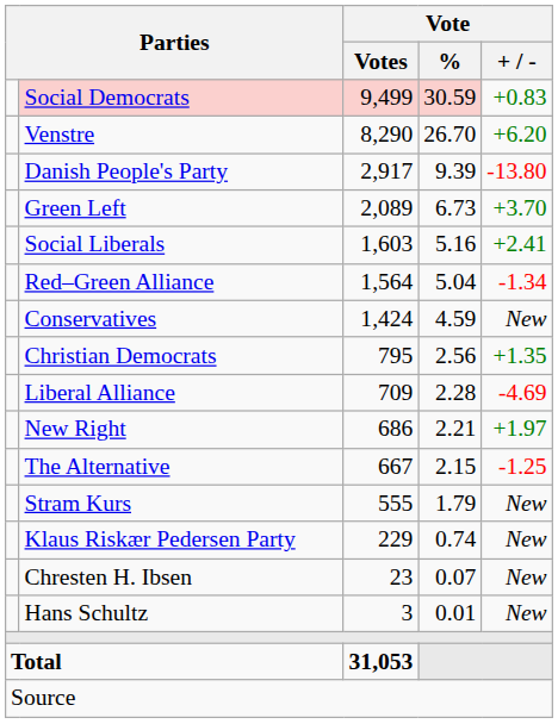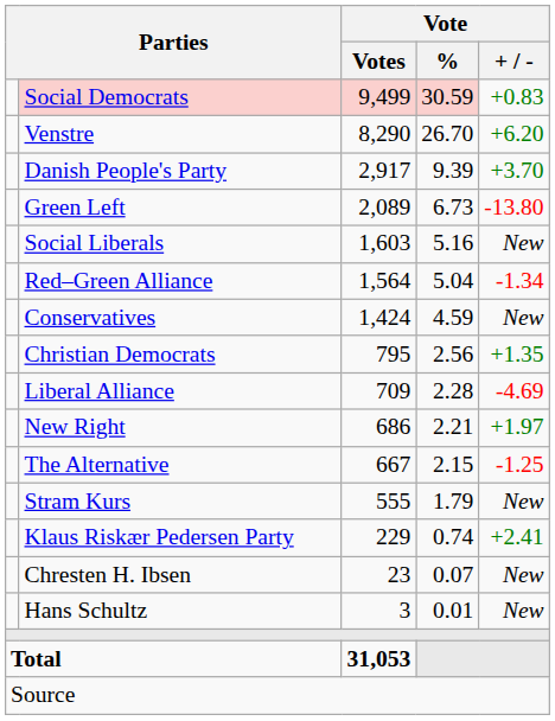 <table class="wikitable" style="text-align:right;">
 <tr>
 <th style="text-align:centre;" rowspan="2" colspan="2" width="225">Parties</th>
 <th colspan="3">Vote</th>
 </tr>
 <tr>
 <th width="15">Votes</th>
 <th width="15">%</th>
 <th width="15">+ / -</th>
 </tr>
 <tr>
 <td width="2" style="color:inherit;background:"></td>
 <td bgcolor=#fbd0ce  align="left"><a href='#'>Social Democrats</a></td>
 <td bgcolor=#fbd0ce>9,499</td>
 <td bgcolor=#fbd0ce>30.59</td>
 <td style=color:green;>+0.83</td>
 </tr>
 <tr>
 <td width="2" style="color:inherit;background:"></td>
 <td align="left"><a href='#'>Venstre</a></td>
 <td>8,290</td>
 <td>26.70</td>
 <td style=color:green;>+6.20</td>
 </tr>
 <tr>
 <td width="2" style="color:inherit;background:"></td>
 <td align="left"><a href='#'>Danish People's Party</a></td>
 <td>2,917</td>
 <td>9.39</td>
-<td style=color:red;>-13.80</td>
+<td style=color:green;>+3.70</td>
 </tr>
 <tr>
 <td width="2" style="color:inherit;background:"></td>
 <td align="left"><a href='#'>Green Left</a></td>
 <td>2,089</td>
 <td>6.73</td>
-<td style=color:green;>+3.70</td>
+<td style=color:red;>-13.80</td>
 </tr>
 <tr>
 <td width="2" style="color:inherit;background:"></td>
 <td align="left"><a href='#'>Social Liberals</a></td>
 <td>1,603</td>
 <td>5.16</td>
-<td style=color:green;>+2.41</td>
+<td><em>New</em></td>
 </tr>
 <tr>
 <td width="2" style="color:inherit;background:"></td>
 <td align="left"><a href='#'>Red–Green Alliance</a></td>
 <td>1,564</td>
 <td>5.04</td>
 <td style=color:red;>-1.34</td>
 </tr>
 <tr>
 <td width="2" style="color:inherit;background:"></td>
 <td align="left"><a href='#'>Conservatives</a></td>
 <td>1,424</td>
 <td>4.59</td>
 <td><em>New</em></td>
 </tr>
 <tr>
 <td width="2" style="color:inherit;background:"></td>
 <td align="left"><a href='#'>Christian Democrats</a></td>
 <td>795</td>
 <td>2.56</td>
 <td style=color:green;>+1.35</td>
 </tr>
 <tr>
 <td width="2" style="color:inherit;background:"></td>
 <td align="left"><a href='#'>Liberal Alliance</a></td>
 <td>709</td>
 <td>2.28</td>
 <td style=color:red;>-4.69</td>
 </tr>
 <tr>
 <td width="2" style="color:inherit;background:"></td>
 <td align="left"><a href='#'>New Right</a></td>
 <td>686</td>
 <td>2.21</td>
 <td style=color:green;>+1.97</td>
 </tr>
 <tr>
 <td width="2" style="color:inherit;background:"></td>
 <td align="left"><a href='#'>The Alternative</a></td>
 <td>667</td>
 <td>2.15</td>
 <td style=color:red;>-1.25</td>
 </tr>
 <tr>
 <td width="2" style="color:inherit;background:"></td>
 <td align="left"><a href='#'>Stram Kurs</a></td>
 <td>555</td>
 <td>1.79</td>
 <td><em>New</em></td>
 </tr>
 <tr>
 <td width="2" style="color:inherit;background:"></td>
 <td align="left"><a href='#'>Klaus Riskær Pedersen Party</a></td>
 <td>229</td>
 <td>0.74</td>
-<td><em>New</em></td>
+<td style=color:green;>+2.41</td>
 </tr>
 <tr>
 <td width="2" style="color:inherit;background:"></td>
 <td align="left">Chresten H. Ibsen</td>
 <td>23</td>
 <td>0.07</td>
 <td><em>New</em></td>
 </tr>
 <tr>
 <td width="2" style="color:inherit;background:"></td>
 <td align="left">Hans Schultz</td>
 <td>3</td>
 <td>0.01</td>
 <td><em>New</em></td>
 </tr>
 <tr>
 <td colspan="7" bgcolor="#E9E9E9"></td>
 </tr>
 <tr>
 <td align="left" colspan="2"><strong>Total</strong></td>
 <td><strong>31,053</strong></td>
 <td bgcolor="#E9E9E9" colspan="2"></td>
 </tr>
 <tr>
 <td align="left" colspan="6">Source</td>
 </tr>
 </table>
